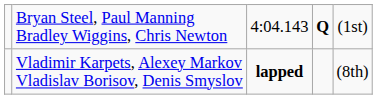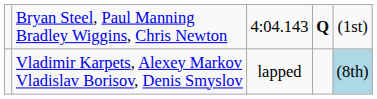 <table class="wikitable" style="text-align:center;">
 <tr>
 <td align=left></td>
 <td align=left><a href='#'>Bryan Steel</a>, <a href='#'>Paul Manning</a><br><a href='#'>Bradley Wiggins</a>, <a href='#'>Chris Newton</a></td>
 <td>4:04.143</td>
 <td><strong>Q</strong></td>
 <td>(1st)</td>
 </tr>
 <tr>
 <td align=left></td>
 <td align=left><a href='#'>Vladimir Karpets</a>, <a href='#'>Alexey Markov</a><br><a href='#'>Vladislav Borisov</a>, <a href='#'>Denis Smyslov</a></td>
-<td><strong>lapped</strong></td>
+<td>lapped</td>
 <td></td>
-<td>(8th)</td>
+<td style="background: lightblue;">(8th)</td>
 </tr>
 </table>
